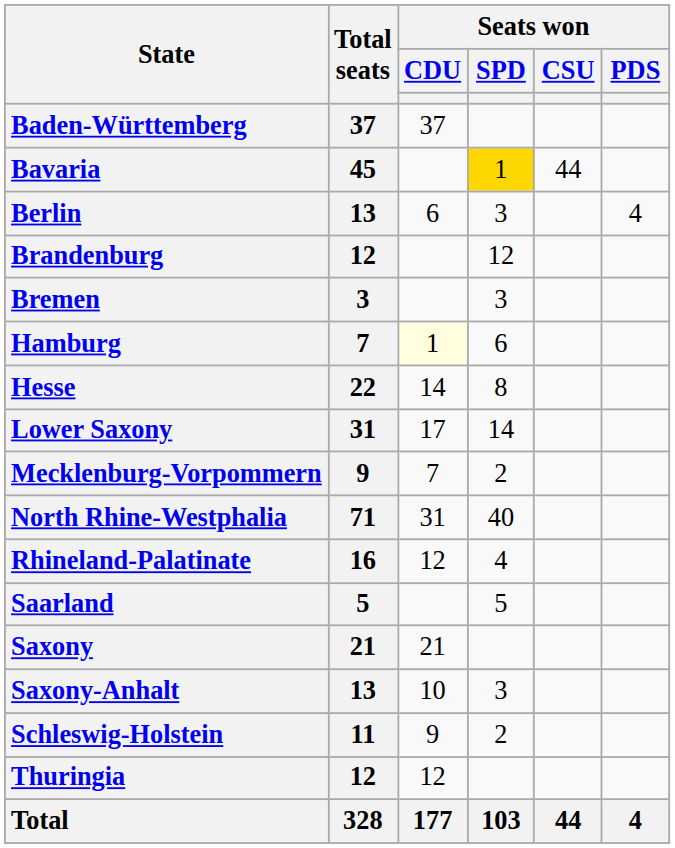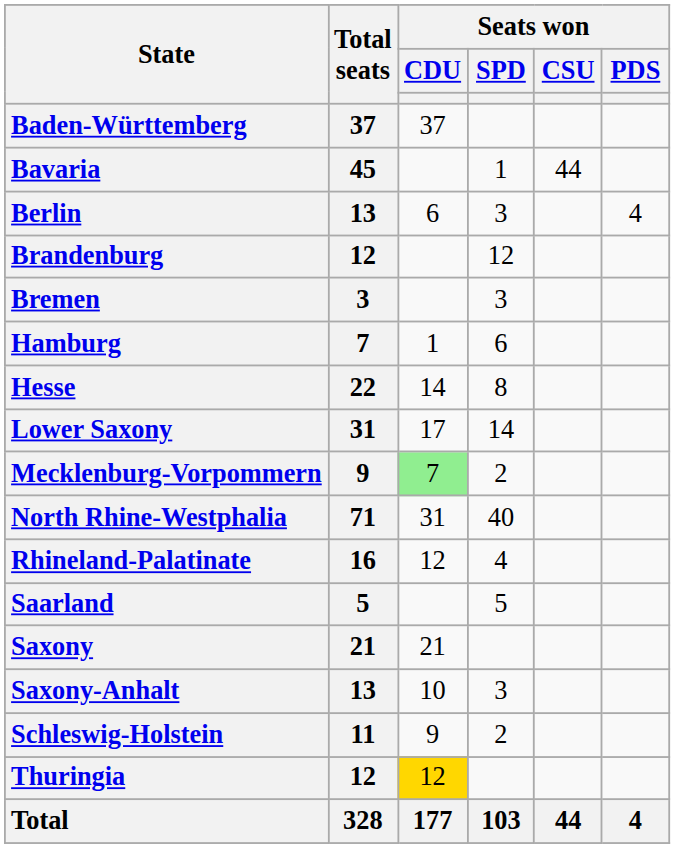 <table class="wikitable" style="text-align:center; font-size: 0.9em;">
 <tr>
 <th rowspan="3">State</th>
 <th rowspan="3">Total<br>seats</th>
 <th colspan="4">Seats won</th>
 </tr>
 <tr>
 <th class="unsortable" style="width:30px;"><a href='#'>CDU</a></th>
 <th class="unsortable" style="width:30px;"><a href='#'>SPD</a></th>
 <th class="unsortable" style="width:30px;"><a href='#'>CSU</a></th>
 <th class="unsortable" style="width:30px;"><a href='#'>PDS</a></th>
 </tr>
 <tr>
 <th style="background:"></th>
 <th style="background:"></th>
 <th style="background:"></th>
 <th style="background:"></th>
 </tr>
 <tr>
 <th style="text-align: left;"><a href='#'>Baden-Württemberg</a></th>
 <th>37</th>
 <td>37</td>
 <td></td>
 <td></td>
 <td></td>
 </tr>
 <tr>
 <th style="text-align: left;"><a href='#'>Bavaria</a></th>
 <th>45</th>
 <td></td>
-<td style="background: gold;">1</td>
+<td>1</td>
 <td>44</td>
 <td></td>
 </tr>
 <tr>
 <th style="text-align: left;"><a href='#'>Berlin</a></th>
 <th>13</th>
 <td>6</td>
 <td>3</td>
 <td></td>
 <td>4</td>
 </tr>
 <tr>
 <th style="text-align: left;"><a href='#'>Brandenburg</a></th>
 <th>12</th>
 <td></td>
 <td>12</td>
 <td></td>
 <td></td>
 </tr>
 <tr>
 <th style="text-align: left;"><a href='#'>Bremen</a></th>
 <th>3</th>
 <td></td>
 <td>3</td>
 <td></td>
 <td></td>
 </tr>
 <tr>
 <th style="text-align: left;"><a href='#'>Hamburg</a></th>
 <th>7</th>
-<td style="background: lightyellow;">1</td>
+<td>1</td>
 <td>6</td>
 <td></td>
 <td></td>
 </tr>
 <tr>
 <th style="text-align: left;"><a href='#'>Hesse</a></th>
 <th>22</th>
 <td>14</td>
 <td>8</td>
 <td></td>
 <td></td>
 </tr>
 <tr>
 <th style="text-align: left;"><a href='#'>Lower Saxony</a></th>
 <th>31</th>
 <td>17</td>
 <td>14</td>
 <td></td>
 <td></td>
 </tr>
 <tr>
 <th style="text-align: left;"><a href='#'>Mecklenburg-Vorpommern</a></th>
 <th>9</th>
-<td>7</td>
+<td style="background: lightgreen;">7</td>
 <td>2</td>
 <td></td>
 <td></td>
 </tr>
 <tr>
 <th style="text-align: left;"><a href='#'>North Rhine-Westphalia</a></th>
 <th>71</th>
 <td>31</td>
 <td>40</td>
 <td></td>
 <td></td>
 </tr>
 <tr>
 <th style="text-align: left;"><a href='#'>Rhineland-Palatinate</a></th>
 <th>16</th>
 <td>12</td>
 <td>4</td>
 <td></td>
 <td></td>
 </tr>
 <tr>
 <th style="text-align: left;"><a href='#'>Saarland</a></th>
 <th>5</th>
 <td></td>
 <td>5</td>
 <td></td>
 <td></td>
 </tr>
 <tr>
 <th style="text-align: left;"><a href='#'>Saxony</a></th>
 <th>21</th>
 <td>21</td>
 <td></td>
 <td></td>
 <td></td>
 </tr>
 <tr>
 <th style="text-align: left;"><a href='#'>Saxony-Anhalt</a></th>
 <th>13</th>
 <td>10</td>
 <td>3</td>
 <td></td>
 <td></td>
 </tr>
 <tr>
 <th style="text-align: left;"><a href='#'>Schleswig-Holstein</a></th>
 <th>11</th>
 <td>9</td>
 <td>2</td>
 <td></td>
 <td></td>
 </tr>
 <tr>
 <th style="text-align: left;"><a href='#'>Thuringia</a></th>
 <th>12</th>
-<td>12</td>
+<td style="background: gold;">12</td>
 <td></td>
 <td></td>
 <td></td>
 </tr>
 <tr class="sortbottom">
 <th style="text-align: left;">Total</th>
 <th>328</th>
 <th>177</th>
 <th>103</th>
 <th>44</th>
 <th>4</th>
 </tr>
 </table>
